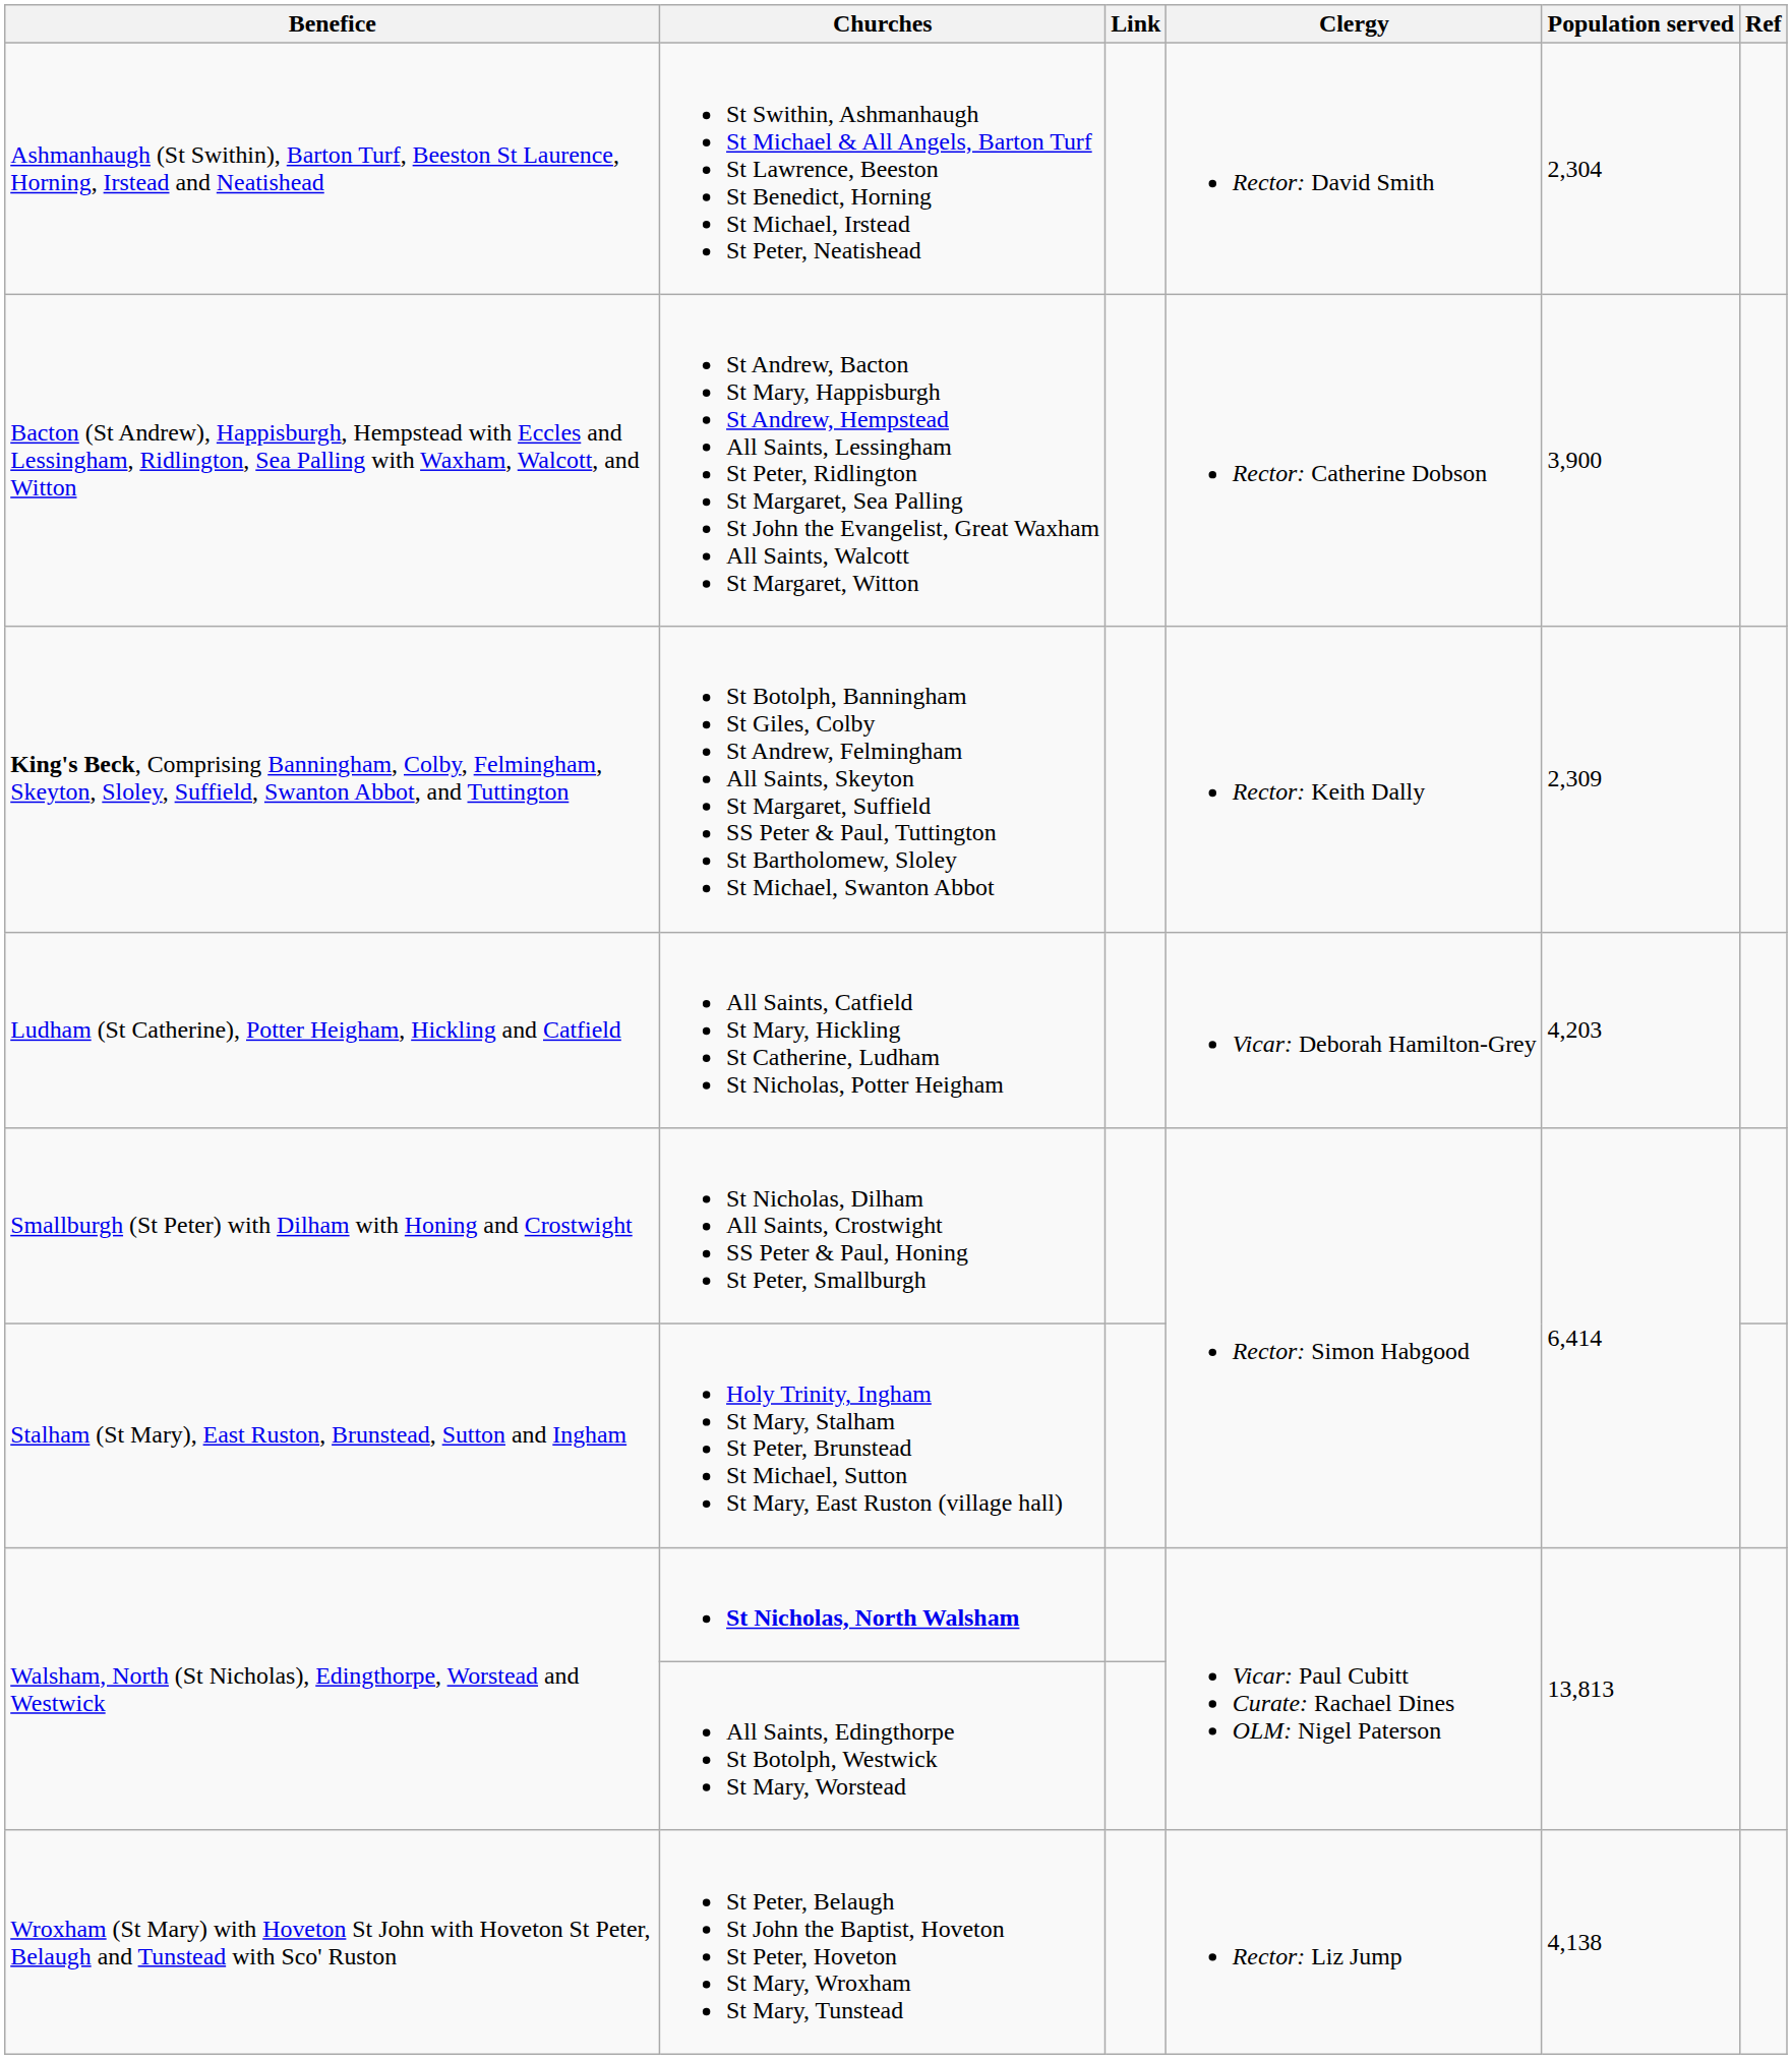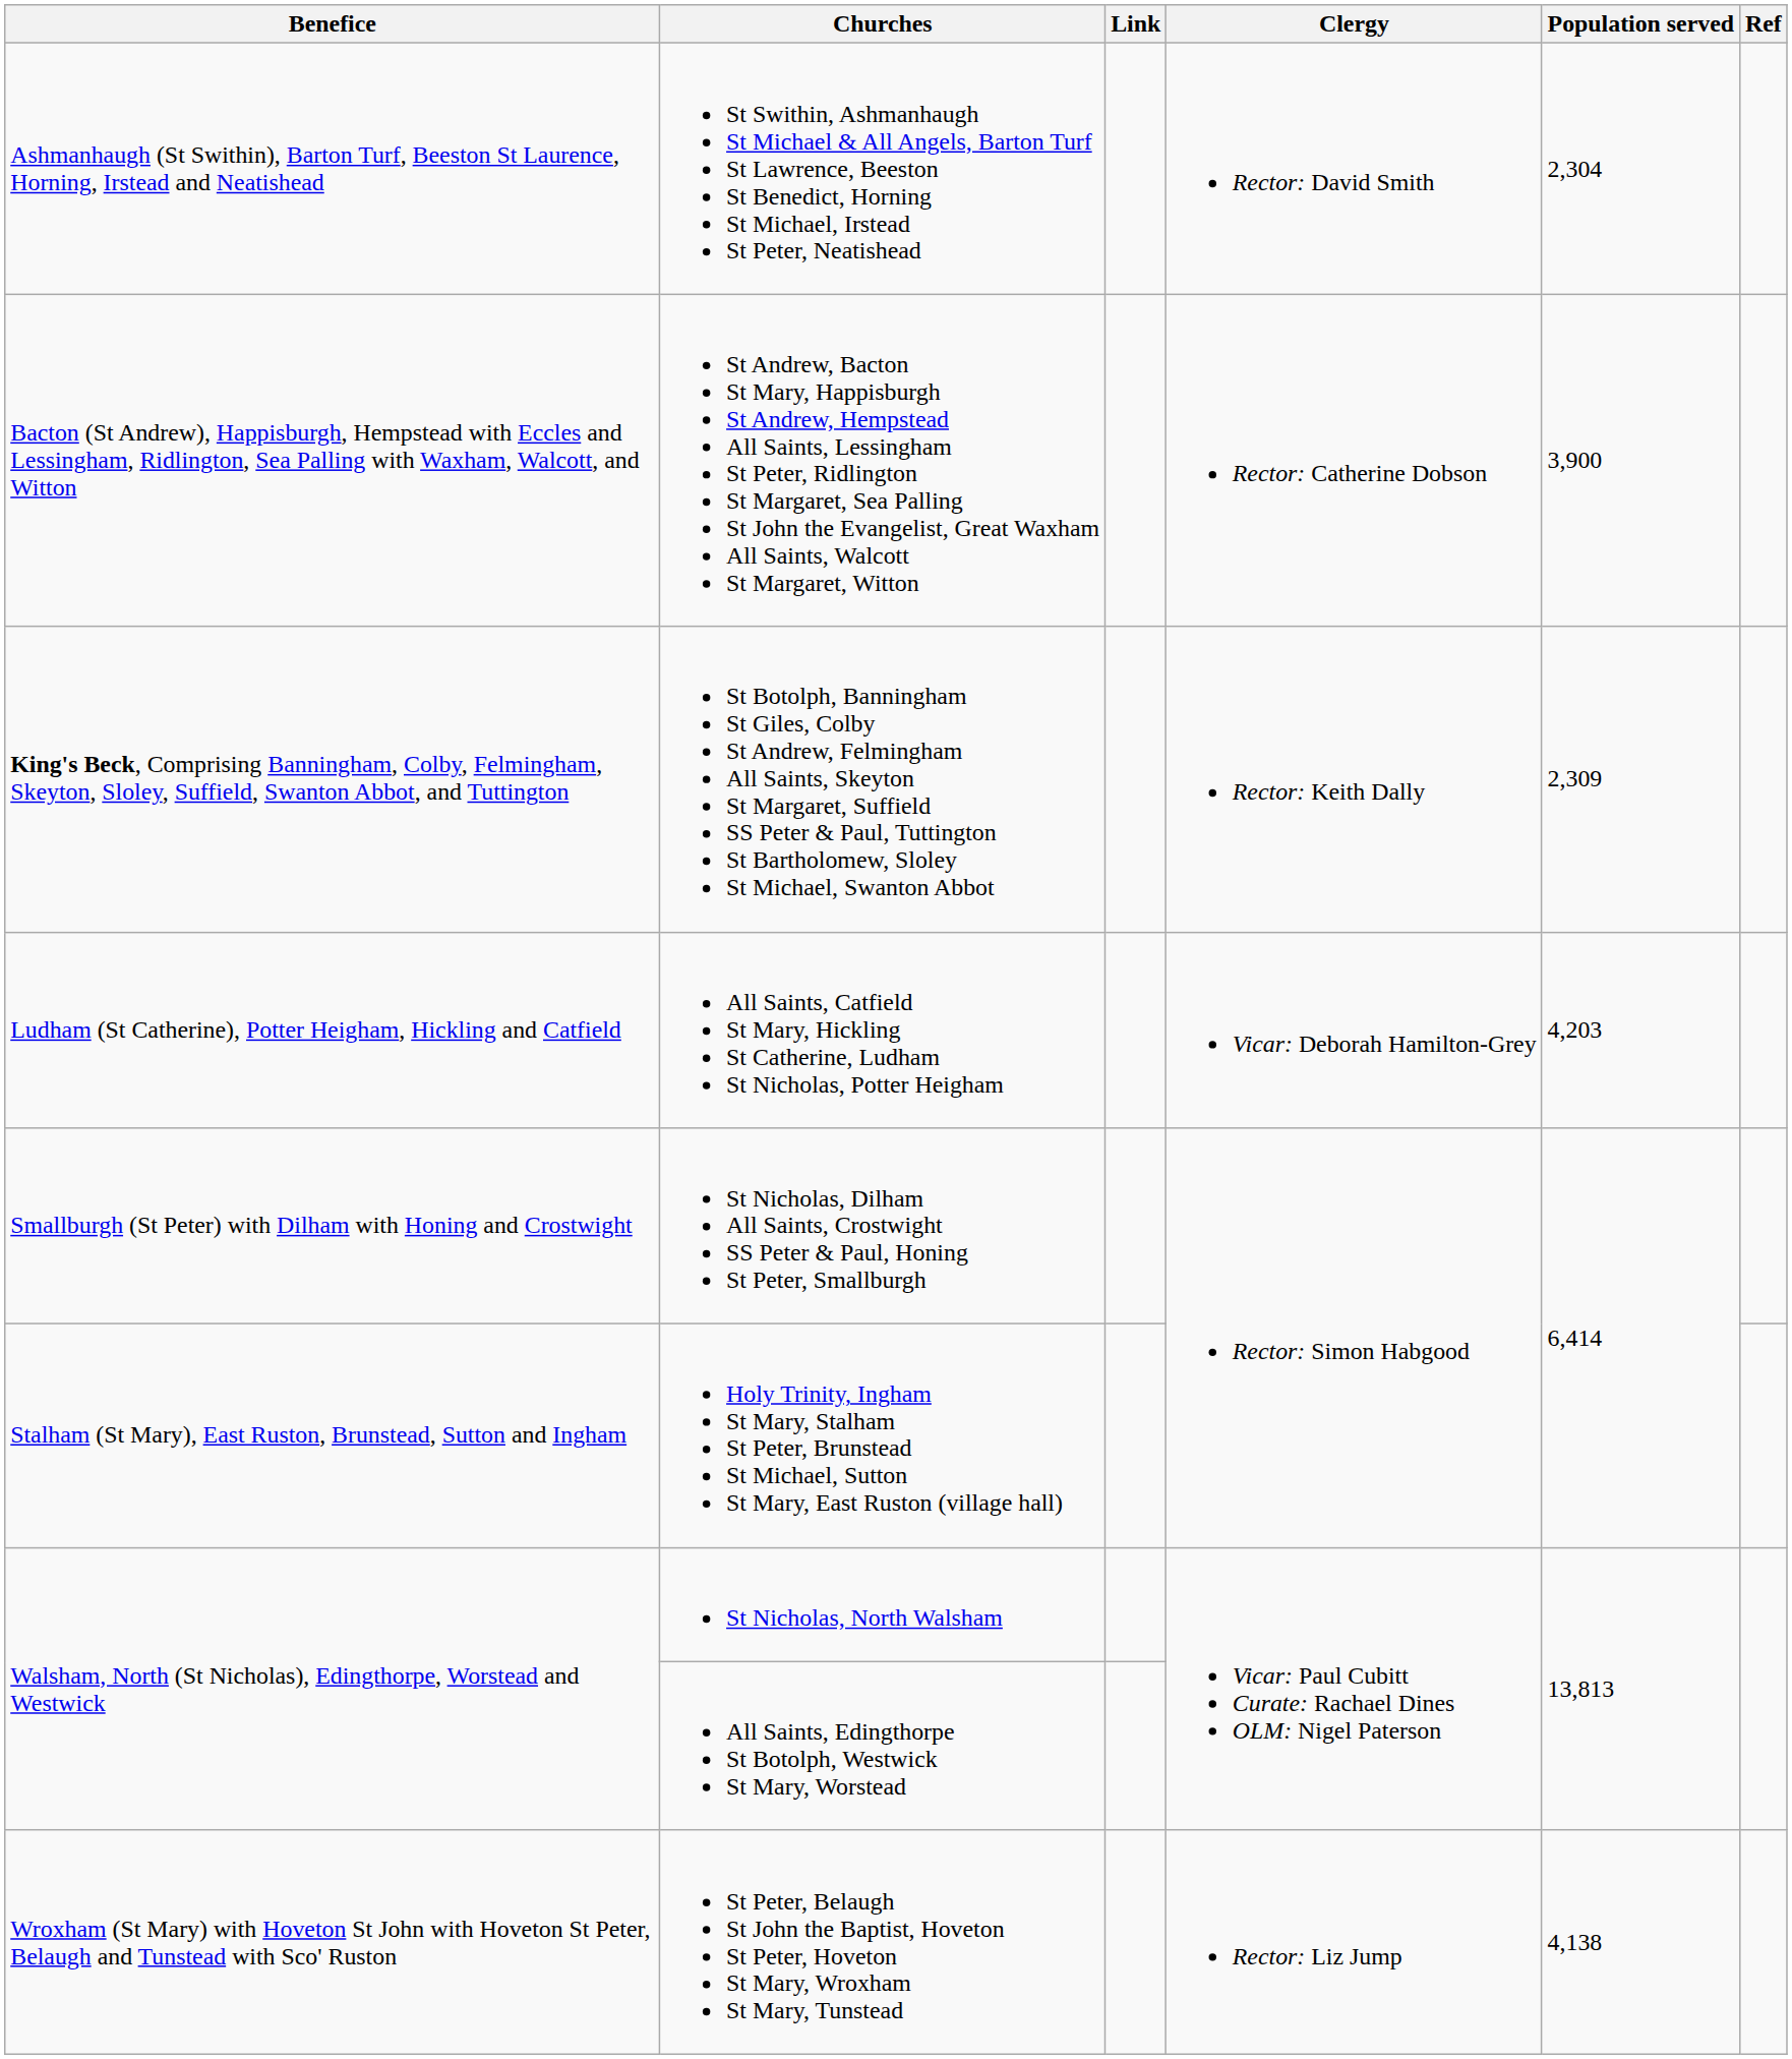 <table class="wikitable">
 <tr>
 <th width="425">Benefice</th>
 <th>Churches</th>
 <th>Link</th>
 <th>Clergy</th>
 <th>Population served</th>
 <th>Ref</th>
 </tr>
 <tr>
 <td><a href='#'>Ashmanhaugh</a> (St Swithin), <a href='#'>Barton Turf</a>, <a href='#'>Beeston St Laurence</a>, <a href='#'>Horning</a>, <a href='#'>Irstead</a> and <a href='#'>Neatishead</a></td>
 <td><br><ul><li>St Swithin, Ashmanhaugh</li><li><a href='#'>St Michael & All Angels, Barton Turf</a></li><li>St Lawrence, Beeston</li><li>St Benedict, Horning</li><li>St Michael, Irstead</li><li>St Peter, Neatishead</li></ul></td>
 <td></td>
 <td><br><ul><li><em>Rector:</em> David Smith</li></ul></td>
 <td>2,304</td>
 <td></td>
 </tr>
 <tr>
 <td><a href='#'>Bacton</a> (St Andrew), <a href='#'>Happisburgh</a>, Hempstead with <a href='#'>Eccles</a> and <a href='#'>Lessingham</a>, <a href='#'>Ridlington</a>, <a href='#'>Sea Palling</a> with <a href='#'>Waxham</a>, <a href='#'>Walcott</a>, and <a href='#'>Witton</a></td>
 <td><br><ul><li>St Andrew, Bacton</li><li>St Mary, Happisburgh</li><li><a href='#'>St Andrew, Hempstead</a></li><li>All Saints, Lessingham</li><li>St Peter, Ridlington</li><li>St Margaret, Sea Palling</li><li>St John the Evangelist, Great Waxham</li><li>All Saints, Walcott</li><li>St Margaret, Witton</li></ul></td>
 <td></td>
 <td><br><ul><li><em>Rector:</em> Catherine Dobson</li></ul></td>
 <td>3,900</td>
 <td></td>
 </tr>
 <tr>
 <td><strong>King's Beck</strong>, Comprising <a href='#'>Banningham</a>, <a href='#'>Colby</a>, <a href='#'>Felmingham</a>, <a href='#'>Skeyton</a>, <a href='#'>Sloley</a>, <a href='#'>Suffield</a>, <a href='#'>Swanton Abbot</a>, and <a href='#'>Tuttington</a></td>
 <td><br><ul><li>St Botolph, Banningham</li><li>St Giles, Colby</li><li>St Andrew, Felmingham</li><li>All Saints, Skeyton</li><li>St Margaret, Suffield</li><li>SS Peter & Paul, Tuttington</li><li>St Bartholomew, Sloley</li><li>St Michael, Swanton Abbot</li></ul></td>
 <td></td>
 <td><br><ul><li><em>Rector:</em> Keith Dally</li></ul></td>
 <td>2,309</td>
 <td></td>
 </tr>
 <tr>
 <td><a href='#'>Ludham</a> (St Catherine), <a href='#'>Potter Heigham</a>, <a href='#'>Hickling</a> and <a href='#'>Catfield</a></td>
 <td><br><ul><li>All Saints, Catfield</li><li>St Mary, Hickling</li><li>St Catherine, Ludham</li><li>St Nicholas, Potter Heigham</li></ul></td>
 <td></td>
 <td><br><ul><li><em>Vicar:</em> Deborah Hamilton-Grey</li></ul></td>
 <td>4,203</td>
 <td></td>
 </tr>
 <tr>
 <td><a href='#'>Smallburgh</a> (St Peter) with <a href='#'>Dilham</a> with <a href='#'>Honing</a> and <a href='#'>Crostwight</a></td>
 <td><br><ul><li>St Nicholas, Dilham</li><li>All Saints, Crostwight</li><li>SS Peter & Paul, Honing</li><li>St Peter, Smallburgh</li></ul></td>
 <td></td>
 <td rowspan="2"><br><ul><li><em>Rector:</em> Simon Habgood</li></ul></td>
 <td rowspan="2">6,414</td>
 <td></td>
 </tr>
 <tr>
 <td><a href='#'>Stalham</a> (St Mary), <a href='#'>East Ruston</a>, <a href='#'>Brunstead</a>, <a href='#'>Sutton</a> and <a href='#'>Ingham</a></td>
 <td><br><ul><li><a href='#'>Holy Trinity, Ingham</a></li><li>St Mary, Stalham</li><li>St Peter, Brunstead</li><li>St Michael, Sutton</li><li>St Mary, East Ruston (village hall)</li></ul></td>
 <td></td>
 <td></td>
 </tr>
 <tr>
 <td rowspan="2"><a href='#'>Walsham, North</a> (St Nicholas), <a href='#'>Edingthorpe</a>, <a href='#'>Worstead</a> and <a href='#'>Westwick</a></td>
-<td><strong><br><ul><li><a href='#'>St Nicholas, North Walsham</a></li></ul></strong></td>
+<td><br><ul><li><a href='#'>St Nicholas, North Walsham</a></li></ul></td>
 <td></td>
 <td rowspan="2"><br><ul><li><em>Vicar:</em> Paul Cubitt</li><li><em>Curate:</em> Rachael Dines</li><li><em>OLM:</em> Nigel Paterson</li></ul></td>
 <td rowspan="2">13,813</td>
 <td rowspan="2"></td>
 </tr>
 <tr>
 <td><br><ul><li>All Saints, Edingthorpe</li><li>St Botolph, Westwick</li><li>St Mary, Worstead</li></ul></td>
 <td></td>
 </tr>
 <tr>
 <td><a href='#'>Wroxham</a> (St Mary) with <a href='#'>Hoveton</a> St John with Hoveton St Peter, <a href='#'>Belaugh</a> and <a href='#'>Tunstead</a> with Sco' Ruston</td>
 <td><br><ul><li>St Peter, Belaugh</li><li>St John the Baptist, Hoveton</li><li>St Peter, Hoveton</li><li>St Mary, Wroxham</li><li>St Mary, Tunstead</li></ul></td>
 <td></td>
 <td><br><ul><li><em>Rector:</em> Liz Jump</li></ul></td>
 <td>4,138</td>
 <td></td>
 </tr>
 </table>
